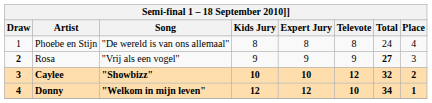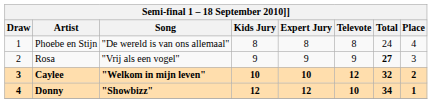 <table class="sortable wikitable" style="margin: 1em auto 1em auto; text-align:center;">
 <tr>
 <th colspan="8">Semi-final 1 – 18 September 2010]]</th>
 </tr>
 <tr bgcolor="#CCCCCC">
 <th>Draw</th>
 <th>Artist</th>
 <th>Song</th>
 <th>Kids Jury</th>
 <th>Expert Jury</th>
 <th>Televote</th>
 <th>Total</th>
 <th>Place</th>
 </tr>
 <tr>
 <td>1</td>
 <td align="left">Phoebe en Stijn</td>
 <td align="left">"De wereld is van ons allemaal"</td>
 <td>8</td>
 <td>8</td>
 <td>8</td>
 <td>24</td>
 <td>4</td>
 </tr>
 <tr>
-<td><strong>2</strong></td>
+<td>2</td>
 <td align="left">Rosa</td>
 <td align="left">"Vrij als een vogel"</td>
 <td>9</td>
 <td>9</td>
 <td>9</td>
 <td><strong>27</strong></td>
 <td>3</td>
 </tr>
 <tr style="font-weight:bold; background:#FFDEAD;">
 <td>3</td>
 <td align="left">Caylee</td>
-<td align="left">"Showbizz"</td>
+<td align="left">"Welkom in mijn leven"</td>
 <td>10</td>
 <td>10</td>
 <td>12</td>
 <td>32</td>
 <td>2</td>
 </tr>
 <tr style="font-weight:bold; background:#FFDEAD;">
 <td>4</td>
 <td align="left">Donny</td>
-<td align="left">"Welkom in mijn leven"</td>
+<td align="left">"Showbizz"</td>
 <td>12</td>
 <td>12</td>
 <td>10</td>
 <td>34</td>
 <td>1</td>
 </tr>
 <tr>
 </tr>
 </table>
